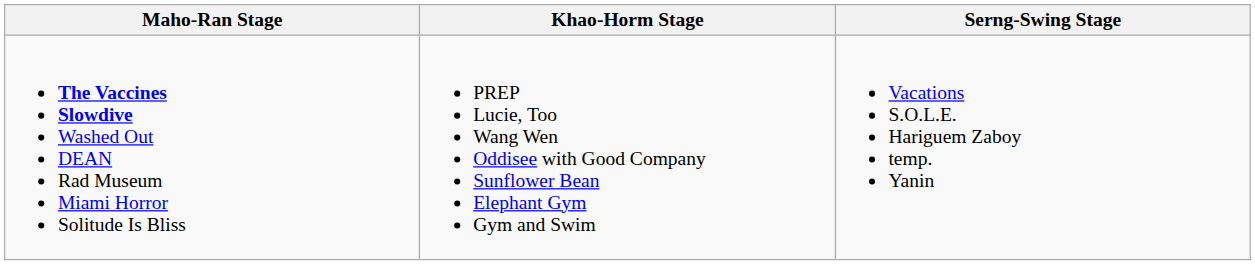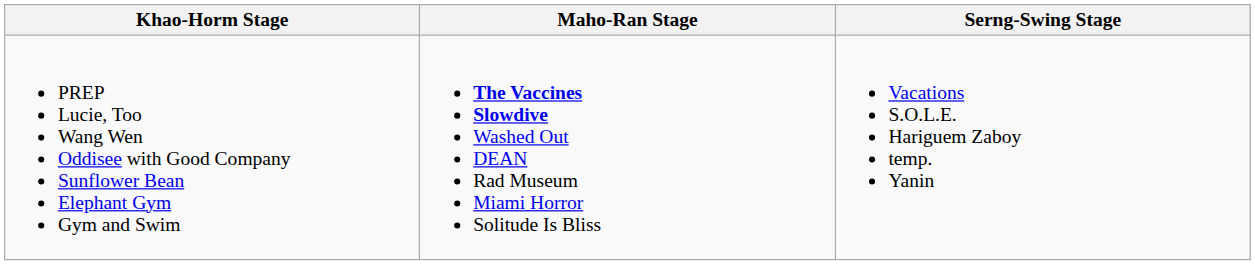 <table class="wikitable">
 <tr>
+<th width="333">Khao-Horm Stage</th>
 <th width="333">Maho-Ran Stage</th>
-<th width="333">Khao-Horm Stage</th>
 <th width="333">Serng-Swing Stage</th>
 </tr>
 <tr valign="top">
+<td><br><ul><li>PREP</li><li>Lucie, Too</li><li>Wang Wen</li><li><a href='#'>Oddisee</a> with Good Company</li><li><a href='#'>Sunflower Bean</a></li><li><a href='#'>Elephant Gym</a></li><li>Gym and Swim</li></ul></td>
 <td><br><ul><li><strong><a href='#'>The Vaccines</a></strong></li><li><strong><a href='#'>Slowdive</a></strong></li><li><a href='#'>Washed Out</a></li><li><a href='#'>DEAN</a></li><li>Rad Museum</li><li><a href='#'>Miami Horror</a></li><li>Solitude Is Bliss</li></ul></td>
-<td><br><ul><li>PREP</li><li>Lucie, Too</li><li>Wang Wen</li><li><a href='#'>Oddisee</a> with Good Company</li><li><a href='#'>Sunflower Bean</a></li><li><a href='#'>Elephant Gym</a></li><li>Gym and Swim</li></ul></td>
 <td><br><ul><li><a href='#'>Vacations</a></li><li>S.O.L.E.</li><li>Hariguem Zaboy</li><li>temp.</li><li>Yanin</li></ul></td>
 </tr>
 </table>
